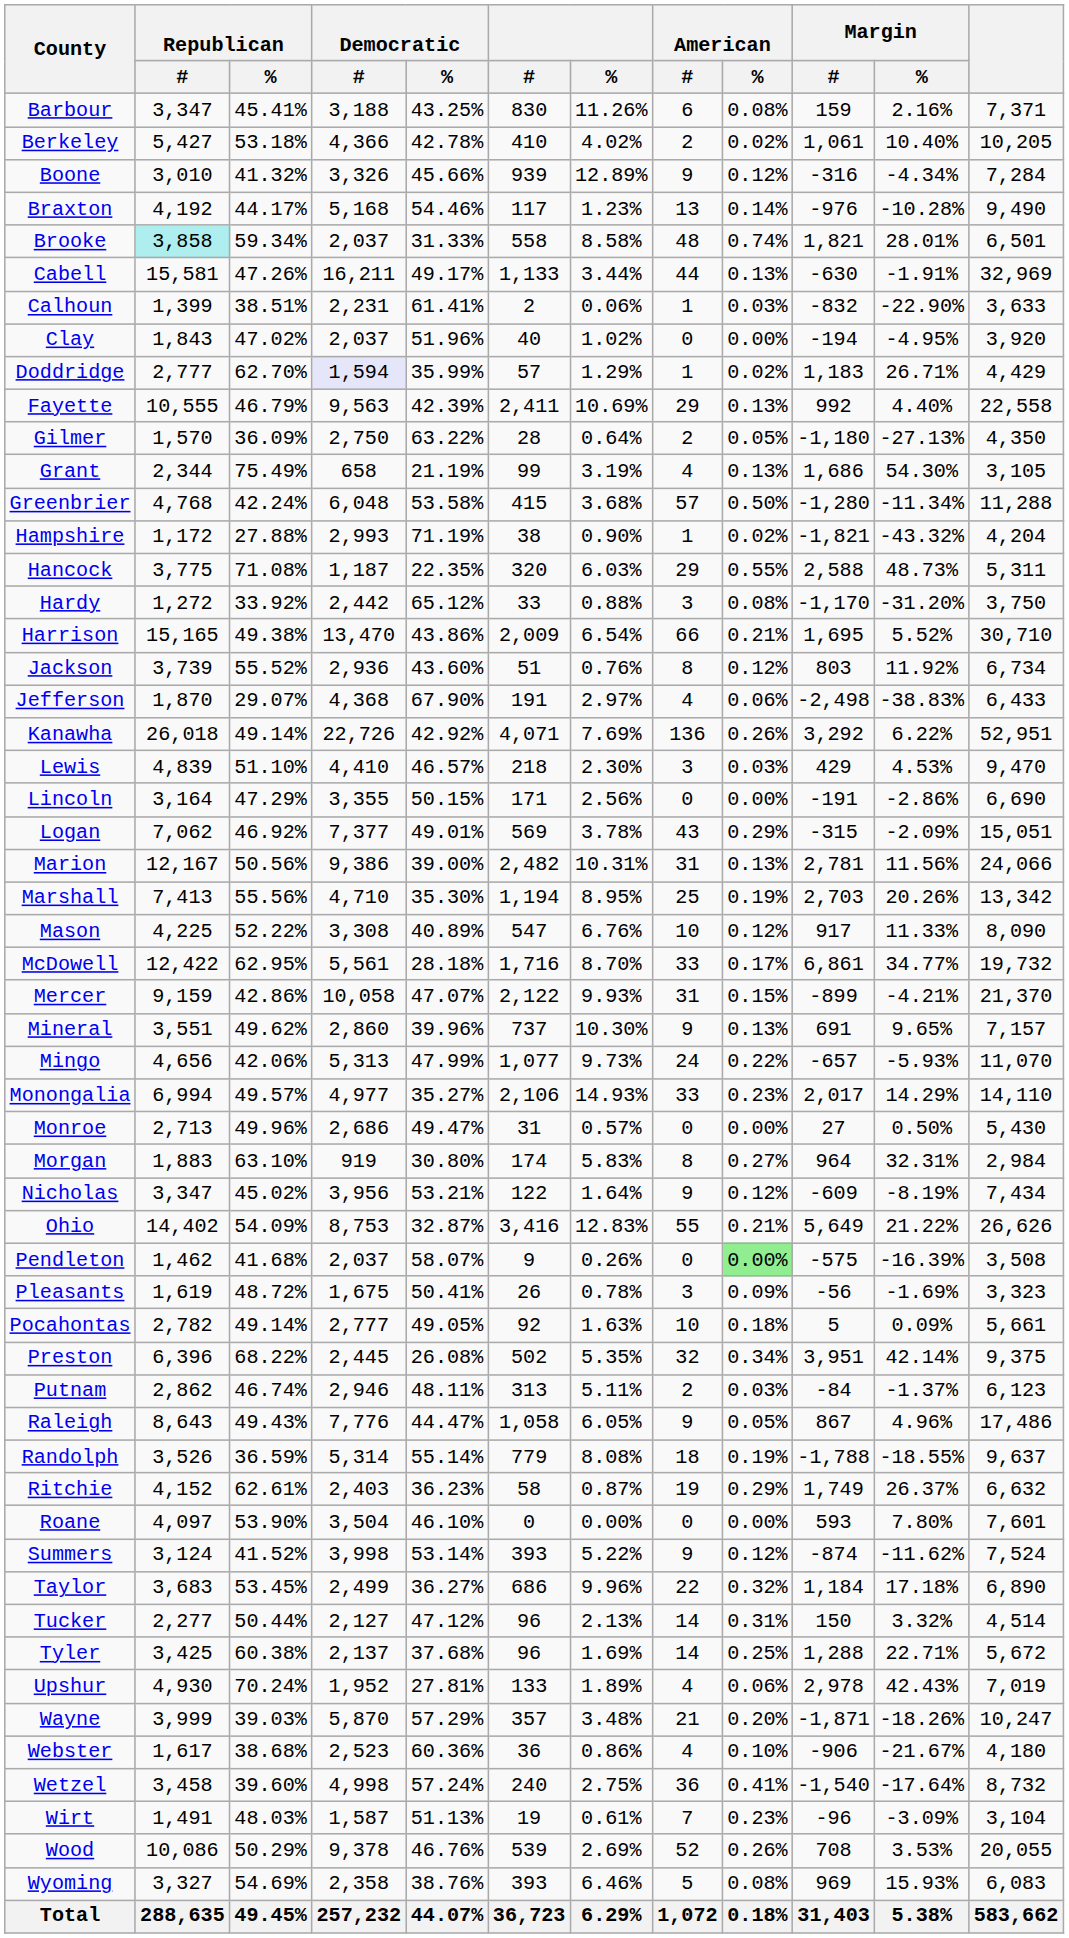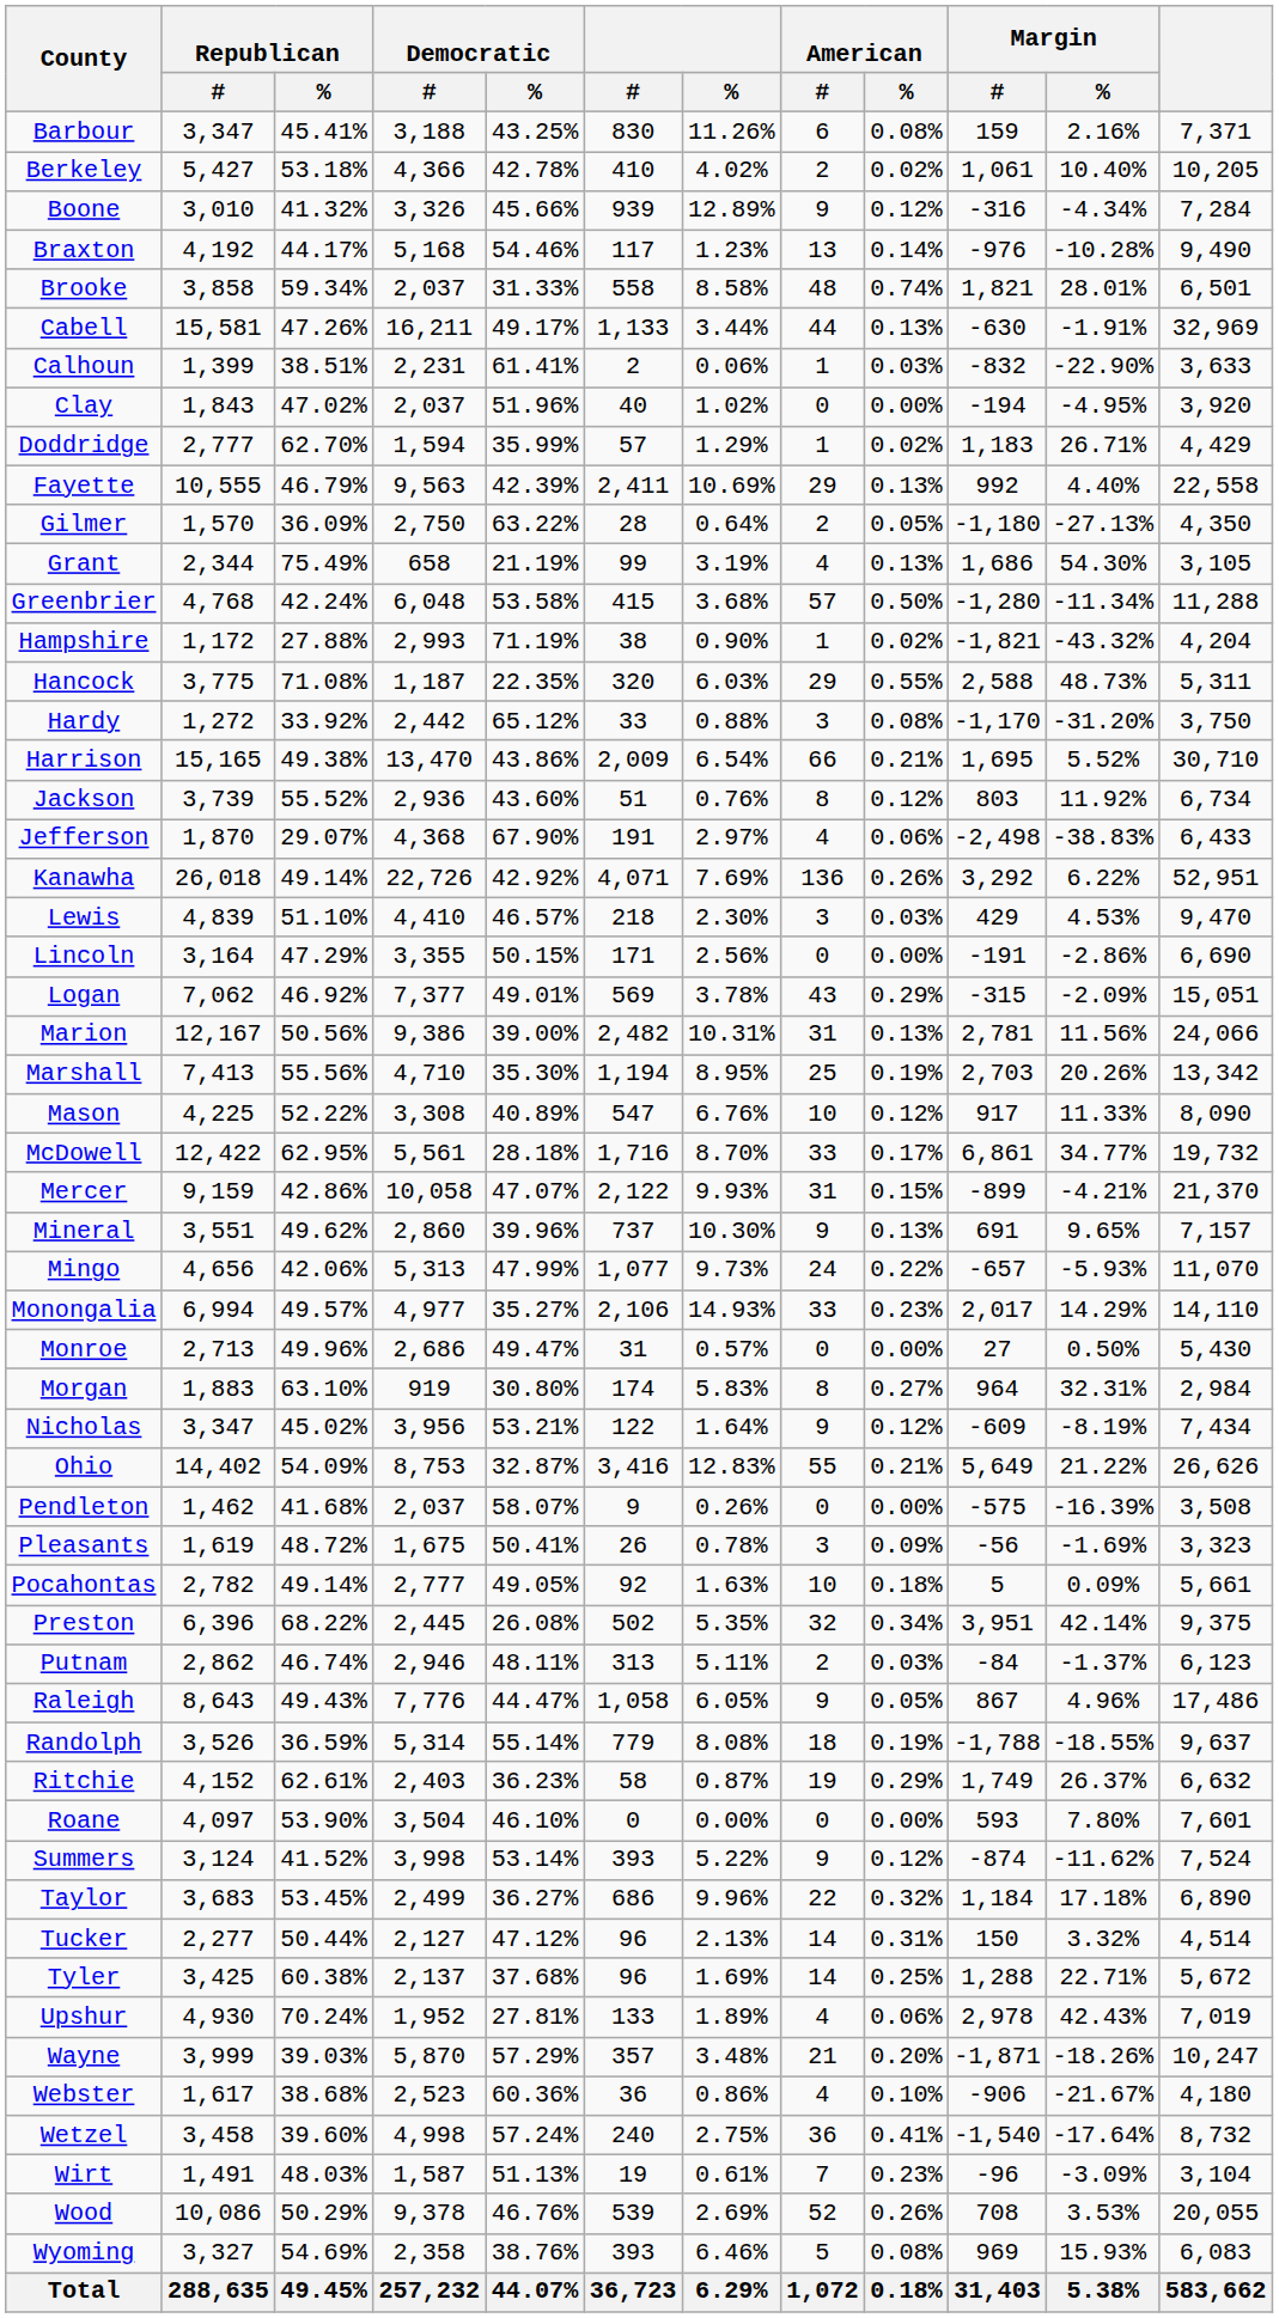 <table class="wikitable sortable mw-collapsible mw-collapsed">
 <tr>
 <th rowspan="2">County</th>
 <th colspan="2"><br>Republican</th>
 <th colspan="2"><br>Democratic</th>
 <th colspan="2"><br></th>
 <th colspan="2"><br>American</th>
 <th colspan="2">Margin</th>
 <th rowspan="2"></th>
 </tr>
 <tr bgcolor="lightgrey">
 <th data-sort-type="number">#</th>
 <th data-sort-type="number">%</th>
 <th data-sort-type="number">#</th>
 <th data-sort-type="number">%</th>
 <th data-sort-type="number">#</th>
 <th data-sort-type="number">%</th>
 <th data-sort-type="number">#</th>
 <th data-sort-type="number">%</th>
 <th data-sort-type="number">#</th>
 <th data-sort-type="number">%</th>
 </tr>
 <tr style="text-align:center;">
 <td><a href='#'>Barbour</a></td>
 <td>3,347</td>
 <td>45.41%</td>
 <td>3,188</td>
 <td>43.25%</td>
 <td>830</td>
 <td>11.26%</td>
 <td>6</td>
 <td>0.08%</td>
 <td>159</td>
 <td>2.16%</td>
 <td>7,371</td>
 </tr>
 <tr style="text-align:center;">
 <td><a href='#'>Berkeley</a></td>
 <td>5,427</td>
 <td>53.18%</td>
 <td>4,366</td>
 <td>42.78%</td>
 <td>410</td>
 <td>4.02%</td>
 <td>2</td>
 <td>0.02%</td>
 <td>1,061</td>
 <td>10.40%</td>
 <td>10,205</td>
 </tr>
 <tr style="text-align:center;">
 <td><a href='#'>Boone</a></td>
 <td>3,010</td>
 <td>41.32%</td>
 <td>3,326</td>
 <td>45.66%</td>
 <td>939</td>
 <td>12.89%</td>
 <td>9</td>
 <td>0.12%</td>
 <td>-316</td>
 <td>-4.34%</td>
 <td>7,284</td>
 </tr>
 <tr style="text-align:center;">
 <td><a href='#'>Braxton</a></td>
 <td>4,192</td>
 <td>44.17%</td>
 <td>5,168</td>
 <td>54.46%</td>
 <td>117</td>
 <td>1.23%</td>
 <td>13</td>
 <td>0.14%</td>
 <td>-976</td>
 <td>-10.28%</td>
 <td>9,490</td>
 </tr>
 <tr style="text-align:center;">
 <td><a href='#'>Brooke</a></td>
-<td style="background: paleturquoise;">3,858</td>
+<td>3,858</td>
 <td>59.34%</td>
 <td>2,037</td>
 <td>31.33%</td>
 <td>558</td>
 <td>8.58%</td>
 <td>48</td>
 <td>0.74%</td>
 <td>1,821</td>
 <td>28.01%</td>
 <td>6,501</td>
 </tr>
 <tr style="text-align:center;">
 <td><a href='#'>Cabell</a></td>
 <td>15,581</td>
 <td>47.26%</td>
 <td>16,211</td>
 <td>49.17%</td>
 <td>1,133</td>
 <td>3.44%</td>
 <td>44</td>
 <td>0.13%</td>
 <td>-630</td>
 <td>-1.91%</td>
 <td>32,969</td>
 </tr>
 <tr style="text-align:center;">
 <td><a href='#'>Calhoun</a></td>
 <td>1,399</td>
 <td>38.51%</td>
 <td>2,231</td>
 <td>61.41%</td>
 <td>2</td>
 <td>0.06%</td>
 <td>1</td>
 <td>0.03%</td>
 <td>-832</td>
 <td>-22.90%</td>
 <td>3,633</td>
 </tr>
 <tr style="text-align:center;">
 <td><a href='#'>Clay</a></td>
 <td>1,843</td>
 <td>47.02%</td>
 <td>2,037</td>
 <td>51.96%</td>
 <td>40</td>
 <td>1.02%</td>
 <td>0</td>
 <td>0.00%</td>
 <td>-194</td>
 <td>-4.95%</td>
 <td>3,920</td>
 </tr>
 <tr style="text-align:center;">
 <td><a href='#'>Doddridge</a></td>
 <td>2,777</td>
 <td>62.70%</td>
-<td style="background: lavender;">1,594</td>
+<td>1,594</td>
 <td>35.99%</td>
 <td>57</td>
 <td>1.29%</td>
 <td>1</td>
 <td>0.02%</td>
 <td>1,183</td>
 <td>26.71%</td>
 <td>4,429</td>
 </tr>
 <tr style="text-align:center;">
 <td><a href='#'>Fayette</a></td>
 <td>10,555</td>
 <td>46.79%</td>
 <td>9,563</td>
 <td>42.39%</td>
 <td>2,411</td>
 <td>10.69%</td>
 <td>29</td>
 <td>0.13%</td>
 <td>992</td>
 <td>4.40%</td>
 <td>22,558</td>
 </tr>
 <tr style="text-align:center;">
 <td><a href='#'>Gilmer</a></td>
 <td>1,570</td>
 <td>36.09%</td>
 <td>2,750</td>
 <td>63.22%</td>
 <td>28</td>
 <td>0.64%</td>
 <td>2</td>
 <td>0.05%</td>
 <td>-1,180</td>
 <td>-27.13%</td>
 <td>4,350</td>
 </tr>
 <tr style="text-align:center;">
 <td><a href='#'>Grant</a></td>
 <td>2,344</td>
 <td>75.49%</td>
 <td>658</td>
 <td>21.19%</td>
 <td>99</td>
 <td>3.19%</td>
 <td>4</td>
 <td>0.13%</td>
 <td>1,686</td>
 <td>54.30%</td>
 <td>3,105</td>
 </tr>
 <tr style="text-align:center;">
 <td><a href='#'>Greenbrier</a></td>
 <td>4,768</td>
 <td>42.24%</td>
 <td>6,048</td>
 <td>53.58%</td>
 <td>415</td>
 <td>3.68%</td>
 <td>57</td>
 <td>0.50%</td>
 <td>-1,280</td>
 <td>-11.34%</td>
 <td>11,288</td>
 </tr>
 <tr style="text-align:center;">
 <td><a href='#'>Hampshire</a></td>
 <td>1,172</td>
 <td>27.88%</td>
 <td>2,993</td>
 <td>71.19%</td>
 <td>38</td>
 <td>0.90%</td>
 <td>1</td>
 <td>0.02%</td>
 <td>-1,821</td>
 <td>-43.32%</td>
 <td>4,204</td>
 </tr>
 <tr style="text-align:center;">
 <td><a href='#'>Hancock</a></td>
 <td>3,775</td>
 <td>71.08%</td>
 <td>1,187</td>
 <td>22.35%</td>
 <td>320</td>
 <td>6.03%</td>
 <td>29</td>
 <td>0.55%</td>
 <td>2,588</td>
 <td>48.73%</td>
 <td>5,311</td>
 </tr>
 <tr style="text-align:center;">
 <td><a href='#'>Hardy</a></td>
 <td>1,272</td>
 <td>33.92%</td>
 <td>2,442</td>
 <td>65.12%</td>
 <td>33</td>
 <td>0.88%</td>
 <td>3</td>
 <td>0.08%</td>
 <td>-1,170</td>
 <td>-31.20%</td>
 <td>3,750</td>
 </tr>
 <tr style="text-align:center;">
 <td><a href='#'>Harrison</a></td>
 <td>15,165</td>
 <td>49.38%</td>
 <td>13,470</td>
 <td>43.86%</td>
 <td>2,009</td>
 <td>6.54%</td>
 <td>66</td>
 <td>0.21%</td>
 <td>1,695</td>
 <td>5.52%</td>
 <td>30,710</td>
 </tr>
 <tr style="text-align:center;">
 <td><a href='#'>Jackson</a></td>
 <td>3,739</td>
 <td>55.52%</td>
 <td>2,936</td>
 <td>43.60%</td>
 <td>51</td>
 <td>0.76%</td>
 <td>8</td>
 <td>0.12%</td>
 <td>803</td>
 <td>11.92%</td>
 <td>6,734</td>
 </tr>
 <tr style="text-align:center;">
 <td><a href='#'>Jefferson</a></td>
 <td>1,870</td>
 <td>29.07%</td>
 <td>4,368</td>
 <td>67.90%</td>
 <td>191</td>
 <td>2.97%</td>
 <td>4</td>
 <td>0.06%</td>
 <td>-2,498</td>
 <td>-38.83%</td>
 <td>6,433</td>
 </tr>
 <tr style="text-align:center;">
 <td><a href='#'>Kanawha</a></td>
 <td>26,018</td>
 <td>49.14%</td>
 <td>22,726</td>
 <td>42.92%</td>
 <td>4,071</td>
 <td>7.69%</td>
 <td>136</td>
 <td>0.26%</td>
 <td>3,292</td>
 <td>6.22%</td>
 <td>52,951</td>
 </tr>
 <tr style="text-align:center;">
 <td><a href='#'>Lewis</a></td>
 <td>4,839</td>
 <td>51.10%</td>
 <td>4,410</td>
 <td>46.57%</td>
 <td>218</td>
 <td>2.30%</td>
 <td>3</td>
 <td>0.03%</td>
 <td>429</td>
 <td>4.53%</td>
 <td>9,470</td>
 </tr>
 <tr style="text-align:center;">
 <td><a href='#'>Lincoln</a></td>
 <td>3,164</td>
 <td>47.29%</td>
 <td>3,355</td>
 <td>50.15%</td>
 <td>171</td>
 <td>2.56%</td>
 <td>0</td>
 <td>0.00%</td>
 <td>-191</td>
 <td>-2.86%</td>
 <td>6,690</td>
 </tr>
 <tr style="text-align:center;">
 <td><a href='#'>Logan</a></td>
 <td>7,062</td>
 <td>46.92%</td>
 <td>7,377</td>
 <td>49.01%</td>
 <td>569</td>
 <td>3.78%</td>
 <td>43</td>
 <td>0.29%</td>
 <td>-315</td>
 <td>-2.09%</td>
 <td>15,051</td>
 </tr>
 <tr style="text-align:center;">
 <td><a href='#'>Marion</a></td>
 <td>12,167</td>
 <td>50.56%</td>
 <td>9,386</td>
 <td>39.00%</td>
 <td>2,482</td>
 <td>10.31%</td>
 <td>31</td>
 <td>0.13%</td>
 <td>2,781</td>
 <td>11.56%</td>
 <td>24,066</td>
 </tr>
 <tr style="text-align:center;">
 <td><a href='#'>Marshall</a></td>
 <td>7,413</td>
 <td>55.56%</td>
 <td>4,710</td>
 <td>35.30%</td>
 <td>1,194</td>
 <td>8.95%</td>
 <td>25</td>
 <td>0.19%</td>
 <td>2,703</td>
 <td>20.26%</td>
 <td>13,342</td>
 </tr>
 <tr style="text-align:center;">
 <td><a href='#'>Mason</a></td>
 <td>4,225</td>
 <td>52.22%</td>
 <td>3,308</td>
 <td>40.89%</td>
 <td>547</td>
 <td>6.76%</td>
 <td>10</td>
 <td>0.12%</td>
 <td>917</td>
 <td>11.33%</td>
 <td>8,090</td>
 </tr>
 <tr style="text-align:center;">
 <td><a href='#'>McDowell</a></td>
 <td>12,422</td>
 <td>62.95%</td>
 <td>5,561</td>
 <td>28.18%</td>
 <td>1,716</td>
 <td>8.70%</td>
 <td>33</td>
 <td>0.17%</td>
 <td>6,861</td>
 <td>34.77%</td>
 <td>19,732</td>
 </tr>
 <tr style="text-align:center;">
 <td><a href='#'>Mercer</a></td>
 <td>9,159</td>
 <td>42.86%</td>
 <td>10,058</td>
 <td>47.07%</td>
 <td>2,122</td>
 <td>9.93%</td>
 <td>31</td>
 <td>0.15%</td>
 <td>-899</td>
 <td>-4.21%</td>
 <td>21,370</td>
 </tr>
 <tr style="text-align:center;">
 <td><a href='#'>Mineral</a></td>
 <td>3,551</td>
 <td>49.62%</td>
 <td>2,860</td>
 <td>39.96%</td>
 <td>737</td>
 <td>10.30%</td>
 <td>9</td>
 <td>0.13%</td>
 <td>691</td>
 <td>9.65%</td>
 <td>7,157</td>
 </tr>
 <tr style="text-align:center;">
 <td><a href='#'>Mingo</a></td>
 <td>4,656</td>
 <td>42.06%</td>
 <td>5,313</td>
 <td>47.99%</td>
 <td>1,077</td>
 <td>9.73%</td>
 <td>24</td>
 <td>0.22%</td>
 <td>-657</td>
 <td>-5.93%</td>
 <td>11,070</td>
 </tr>
 <tr style="text-align:center;">
 <td><a href='#'>Monongalia</a></td>
 <td>6,994</td>
 <td>49.57%</td>
 <td>4,977</td>
 <td>35.27%</td>
 <td>2,106</td>
 <td>14.93%</td>
 <td>33</td>
 <td>0.23%</td>
 <td>2,017</td>
 <td>14.29%</td>
 <td>14,110</td>
 </tr>
 <tr style="text-align:center;">
 <td><a href='#'>Monroe</a></td>
 <td>2,713</td>
 <td>49.96%</td>
 <td>2,686</td>
 <td>49.47%</td>
 <td>31</td>
 <td>0.57%</td>
 <td>0</td>
 <td>0.00%</td>
 <td>27</td>
 <td>0.50%</td>
 <td>5,430</td>
 </tr>
 <tr style="text-align:center;">
 <td><a href='#'>Morgan</a></td>
 <td>1,883</td>
 <td>63.10%</td>
 <td>919</td>
 <td>30.80%</td>
 <td>174</td>
 <td>5.83%</td>
 <td>8</td>
 <td>0.27%</td>
 <td>964</td>
 <td>32.31%</td>
 <td>2,984</td>
 </tr>
 <tr style="text-align:center;">
 <td><a href='#'>Nicholas</a></td>
 <td>3,347</td>
 <td>45.02%</td>
 <td>3,956</td>
 <td>53.21%</td>
 <td>122</td>
 <td>1.64%</td>
 <td>9</td>
 <td>0.12%</td>
 <td>-609</td>
 <td>-8.19%</td>
 <td>7,434</td>
 </tr>
 <tr style="text-align:center;">
 <td><a href='#'>Ohio</a></td>
 <td>14,402</td>
 <td>54.09%</td>
 <td>8,753</td>
 <td>32.87%</td>
 <td>3,416</td>
 <td>12.83%</td>
 <td>55</td>
 <td>0.21%</td>
 <td>5,649</td>
 <td>21.22%</td>
 <td>26,626</td>
 </tr>
 <tr style="text-align:center;">
 <td><a href='#'>Pendleton</a></td>
 <td>1,462</td>
 <td>41.68%</td>
 <td>2,037</td>
 <td>58.07%</td>
 <td>9</td>
 <td>0.26%</td>
 <td>0</td>
-<td style="background: lightgreen;">0.00%</td>
+<td>0.00%</td>
 <td>-575</td>
 <td>-16.39%</td>
 <td>3,508</td>
 </tr>
 <tr style="text-align:center;">
 <td><a href='#'>Pleasants</a></td>
 <td>1,619</td>
 <td>48.72%</td>
 <td>1,675</td>
 <td>50.41%</td>
 <td>26</td>
 <td>0.78%</td>
 <td>3</td>
 <td>0.09%</td>
 <td>-56</td>
 <td>-1.69%</td>
 <td>3,323</td>
 </tr>
 <tr style="text-align:center;">
 <td><a href='#'>Pocahontas</a></td>
 <td>2,782</td>
 <td>49.14%</td>
 <td>2,777</td>
 <td>49.05%</td>
 <td>92</td>
 <td>1.63%</td>
 <td>10</td>
 <td>0.18%</td>
 <td>5</td>
 <td>0.09%</td>
 <td>5,661</td>
 </tr>
 <tr style="text-align:center;">
 <td><a href='#'>Preston</a></td>
 <td>6,396</td>
 <td>68.22%</td>
 <td>2,445</td>
 <td>26.08%</td>
 <td>502</td>
 <td>5.35%</td>
 <td>32</td>
 <td>0.34%</td>
 <td>3,951</td>
 <td>42.14%</td>
 <td>9,375</td>
 </tr>
 <tr style="text-align:center;">
 <td><a href='#'>Putnam</a></td>
 <td>2,862</td>
 <td>46.74%</td>
 <td>2,946</td>
 <td>48.11%</td>
 <td>313</td>
 <td>5.11%</td>
 <td>2</td>
 <td>0.03%</td>
 <td>-84</td>
 <td>-1.37%</td>
 <td>6,123</td>
 </tr>
 <tr style="text-align:center;">
 <td><a href='#'>Raleigh</a></td>
 <td>8,643</td>
 <td>49.43%</td>
 <td>7,776</td>
 <td>44.47%</td>
 <td>1,058</td>
 <td>6.05%</td>
 <td>9</td>
 <td>0.05%</td>
 <td>867</td>
 <td>4.96%</td>
 <td>17,486</td>
 </tr>
 <tr style="text-align:center;">
 <td><a href='#'>Randolph</a></td>
 <td>3,526</td>
 <td>36.59%</td>
 <td>5,314</td>
 <td>55.14%</td>
 <td>779</td>
 <td>8.08%</td>
 <td>18</td>
 <td>0.19%</td>
 <td>-1,788</td>
 <td>-18.55%</td>
 <td>9,637</td>
 </tr>
 <tr style="text-align:center;">
 <td><a href='#'>Ritchie</a></td>
 <td>4,152</td>
 <td>62.61%</td>
 <td>2,403</td>
 <td>36.23%</td>
 <td>58</td>
 <td>0.87%</td>
 <td>19</td>
 <td>0.29%</td>
 <td>1,749</td>
 <td>26.37%</td>
 <td>6,632</td>
 </tr>
 <tr style="text-align:center;">
 <td><a href='#'>Roane</a></td>
 <td>4,097</td>
 <td>53.90%</td>
 <td>3,504</td>
 <td>46.10%</td>
 <td>0</td>
 <td>0.00%</td>
 <td>0</td>
 <td>0.00%</td>
 <td>593</td>
 <td>7.80%</td>
 <td>7,601</td>
 </tr>
 <tr style="text-align:center;">
 <td><a href='#'>Summers</a></td>
 <td>3,124</td>
 <td>41.52%</td>
 <td>3,998</td>
 <td>53.14%</td>
 <td>393</td>
 <td>5.22%</td>
 <td>9</td>
 <td>0.12%</td>
 <td>-874</td>
 <td>-11.62%</td>
 <td>7,524</td>
 </tr>
 <tr style="text-align:center;">
 <td><a href='#'>Taylor</a></td>
 <td>3,683</td>
 <td>53.45%</td>
 <td>2,499</td>
 <td>36.27%</td>
 <td>686</td>
 <td>9.96%</td>
 <td>22</td>
 <td>0.32%</td>
 <td>1,184</td>
 <td>17.18%</td>
 <td>6,890</td>
 </tr>
 <tr style="text-align:center;">
 <td><a href='#'>Tucker</a></td>
 <td>2,277</td>
 <td>50.44%</td>
 <td>2,127</td>
 <td>47.12%</td>
 <td>96</td>
 <td>2.13%</td>
 <td>14</td>
 <td>0.31%</td>
 <td>150</td>
 <td>3.32%</td>
 <td>4,514</td>
 </tr>
 <tr style="text-align:center;">
 <td><a href='#'>Tyler</a></td>
 <td>3,425</td>
 <td>60.38%</td>
 <td>2,137</td>
 <td>37.68%</td>
 <td>96</td>
 <td>1.69%</td>
 <td>14</td>
 <td>0.25%</td>
 <td>1,288</td>
 <td>22.71%</td>
 <td>5,672</td>
 </tr>
 <tr style="text-align:center;">
 <td><a href='#'>Upshur</a></td>
 <td>4,930</td>
 <td>70.24%</td>
 <td>1,952</td>
 <td>27.81%</td>
 <td>133</td>
 <td>1.89%</td>
 <td>4</td>
 <td>0.06%</td>
 <td>2,978</td>
 <td>42.43%</td>
 <td>7,019</td>
 </tr>
 <tr style="text-align:center;">
 <td><a href='#'>Wayne</a></td>
 <td>3,999</td>
 <td>39.03%</td>
 <td>5,870</td>
 <td>57.29%</td>
 <td>357</td>
 <td>3.48%</td>
 <td>21</td>
 <td>0.20%</td>
 <td>-1,871</td>
 <td>-18.26%</td>
 <td>10,247</td>
 </tr>
 <tr style="text-align:center;">
 <td><a href='#'>Webster</a></td>
 <td>1,617</td>
 <td>38.68%</td>
 <td>2,523</td>
 <td>60.36%</td>
 <td>36</td>
 <td>0.86%</td>
 <td>4</td>
 <td>0.10%</td>
 <td>-906</td>
 <td>-21.67%</td>
 <td>4,180</td>
 </tr>
 <tr style="text-align:center;">
 <td><a href='#'>Wetzel</a></td>
 <td>3,458</td>
 <td>39.60%</td>
 <td>4,998</td>
 <td>57.24%</td>
 <td>240</td>
 <td>2.75%</td>
 <td>36</td>
 <td>0.41%</td>
 <td>-1,540</td>
 <td>-17.64%</td>
 <td>8,732</td>
 </tr>
 <tr style="text-align:center;">
 <td><a href='#'>Wirt</a></td>
 <td>1,491</td>
 <td>48.03%</td>
 <td>1,587</td>
 <td>51.13%</td>
 <td>19</td>
 <td>0.61%</td>
 <td>7</td>
 <td>0.23%</td>
 <td>-96</td>
 <td>-3.09%</td>
 <td>3,104</td>
 </tr>
 <tr style="text-align:center;">
 <td><a href='#'>Wood</a></td>
 <td>10,086</td>
 <td>50.29%</td>
 <td>9,378</td>
 <td>46.76%</td>
 <td>539</td>
 <td>2.69%</td>
 <td>52</td>
 <td>0.26%</td>
 <td>708</td>
 <td>3.53%</td>
 <td>20,055</td>
 </tr>
 <tr style="text-align:center;">
 <td><a href='#'>Wyoming</a></td>
 <td>3,327</td>
 <td>54.69%</td>
 <td>2,358</td>
 <td>38.76%</td>
 <td>393</td>
 <td>6.46%</td>
 <td>5</td>
 <td>0.08%</td>
 <td>969</td>
 <td>15.93%</td>
 <td>6,083</td>
 </tr>
 <tr style="text-align:center;">
 <th>Total</th>
 <th>288,635</th>
 <th>49.45%</th>
 <th>257,232</th>
 <th>44.07%</th>
 <th>36,723</th>
 <th>6.29%</th>
 <th>1,072</th>
 <th>0.18%</th>
 <th>31,403</th>
 <th>5.38%</th>
 <th>583,662</th>
 </tr>
 </table>
